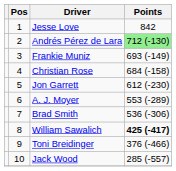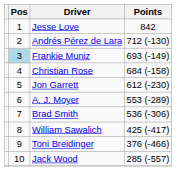 <table class="wikitable" style="font-size: 95%;">
 <tr>
 <th></th>
 <th>Pos</th>
 <th>Driver</th>
 <th>Points</th>
 </tr>
 <tr>
 <td align="left"></td>
 <td style="text-align:center;">1</td>
 <td><a href='#'>Jesse Love</a></td>
 <td style="text-align:center;">842</td>
 </tr>
 <tr>
 <td align="left"></td>
 <td style="text-align:center;">2</td>
 <td><a href='#'>Andrés Pérez de Lara</a></td>
-<td style="background: lightgreen; text-align:center;">712 (-130)</td>
+<td style="text-align:center;">712 (-130)</td>
 </tr>
 <tr>
 <td align="left"></td>
-<td style="text-align:center;">3</td>
+<td style="background: lightblue; text-align:center;">3</td>
 <td><a href='#'>Frankie Muniz</a></td>
 <td style="text-align:center;">693 (-149)</td>
 </tr>
 <tr>
 <td align="left"></td>
 <td style="text-align:center;">4</td>
 <td><a href='#'>Christian Rose</a></td>
 <td style="text-align:center;">684 (-158)</td>
 </tr>
 <tr>
 <td align="left"></td>
 <td style="text-align:center;">5</td>
 <td><a href='#'>Jon Garrett</a></td>
 <td style="text-align:center;">612 (-230)</td>
 </tr>
 <tr>
 <td align="left"></td>
 <td style="text-align:center;">6</td>
 <td><a href='#'>A. J. Moyer</a></td>
 <td style="text-align:center;">553 (-289)</td>
 </tr>
 <tr>
 <td align="left"></td>
 <td style="text-align:center;">7</td>
 <td><a href='#'>Brad Smith</a></td>
 <td style="text-align:center;">536 (-306)</td>
 </tr>
 <tr>
 <td align="left"></td>
 <td style="text-align:center;">8</td>
 <td><a href='#'>William Sawalich</a></td>
-<td style="text-align:center;"><strong>425 (-417)</strong></td>
+<td style="text-align:center;">425 (-417)</td>
 </tr>
 <tr>
 <td align="left"></td>
 <td style="text-align:center;">9</td>
 <td><a href='#'>Toni Breidinger</a></td>
 <td style="text-align:center;">376 (-466)</td>
 </tr>
 <tr>
 <td align="left"></td>
 <td style="text-align:center;">10</td>
 <td><a href='#'>Jack Wood</a></td>
 <td style="text-align:center;">285 (-557)</td>
 </tr>
 <tr class="sortbottom">
 </tr>
 </table>
